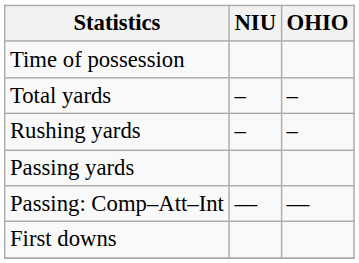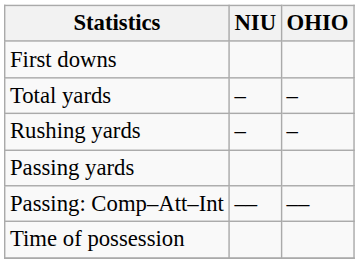 <table class="wikitable" style="float: left;">
 <tr>
 <th>Statistics</th>
 <th>NIU</th>
 <th>OHIO</th>
 </tr>
 <tr>
-<td>Time of possession</td>
+<td>First downs</td>
 <td></td>
 <td></td>
 </tr>
 <tr>
 <td>Total yards</td>
 <td>–</td>
 <td>–</td>
 </tr>
 <tr>
 <td>Rushing yards</td>
 <td>–</td>
 <td>–</td>
 </tr>
 <tr>
 <td>Passing yards</td>
 <td></td>
 <td></td>
 </tr>
 <tr>
 <td>Passing: Comp–Att–Int</td>
 <td>––</td>
 <td>––</td>
 </tr>
 <tr>
-<td>First downs</td>
+<td>Time of possession</td>
 <td></td>
 <td></td>
 </tr>
 <tr>
 </tr>
 </table>
